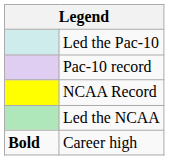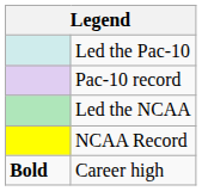 <table class="wikitable">
 <tr>
 <th colspan="2">Legend</th>
 </tr>
 <tr>
 <td style="background:#cfecec; width:3em;"></td>
 <td>Led the Pac-10</td>
 </tr>
 <tr>
 <td style="background:#E0CEF2; width:3em"></td>
 <td>Pac-10 record</td>
 </tr>
 <tr>
+<td style="background:#afe6ba; width:3em;"></td>
+<td>Led the NCAA</td>
+</tr>
+<tr>
 <td style="background:#ff0; width:3em;"></td>
 <td>NCAA Record</td>
-</tr>
-<tr>
-<td style="background:#afe6ba; width:3em;"></td>
-<td>Led the NCAA</td>
 </tr>
 <tr>
 <td><strong>Bold</strong></td>
 <td>Career high</td>
 </tr>
 </table>
